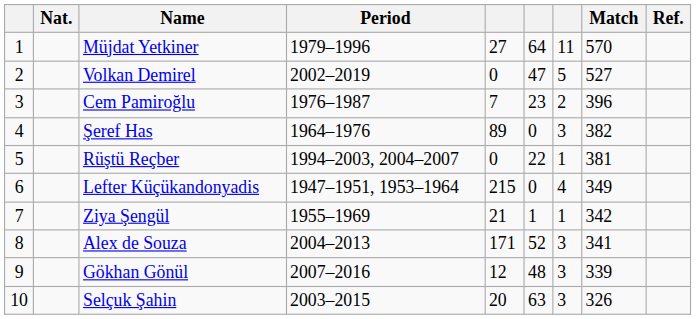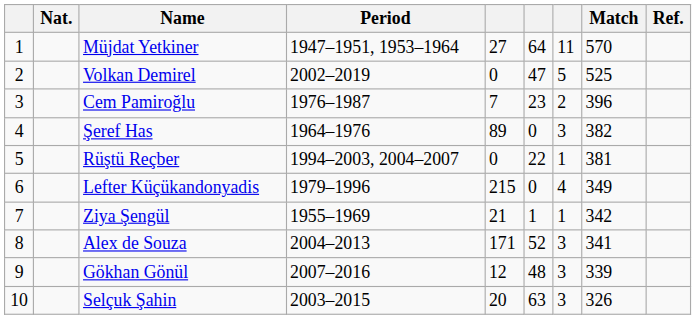 <table class="wikitable sortable" style="text-align:left; width:70%;">
 <tr>
 <th></th>
 <th>Nat.</th>
 <th>Name</th>
 <th>Period</th>
 <th></th>
 <th></th>
 <th></th>
 <th>Match</th>
 <th>Ref.</th>
 </tr>
 <tr bgcolor=>
 <td style="text-align:center">1</td>
 <td style="text-align:center"></td>
 <td><a href='#'>Müjdat Yetkiner</a></td>
-<td>1979–1996</td>
+<td>1947–1951, 1953–1964</td>
 <td>27</td>
 <td>64</td>
 <td>11</td>
 <td>570</td>
 <td></td>
 </tr>
 <tr bgcolor=>
 <td style="text-align:center">2</td>
 <td style="text-align:center"></td>
 <td><a href='#'>Volkan Demirel</a></td>
 <td>2002–2019</td>
 <td>0</td>
 <td>47</td>
 <td>5</td>
-<td>527</td>
+<td>525</td>
 <td></td>
 </tr>
 <tr bgcolor=>
 <td style="text-align:center">3</td>
 <td style="text-align:center"></td>
 <td><a href='#'>Cem Pamiroğlu</a></td>
 <td>1976–1987</td>
 <td>7</td>
 <td>23</td>
 <td>2</td>
 <td>396</td>
 <td></td>
 </tr>
 <tr bgcolor=>
 <td style="text-align:center">4</td>
 <td style="text-align:center"></td>
 <td><a href='#'>Şeref Has</a></td>
 <td>1964–1976</td>
 <td>89</td>
 <td>0</td>
 <td>3</td>
 <td>382</td>
 <td></td>
 </tr>
 <tr bgcolor=>
 <td style="text-align:center">5</td>
 <td style="text-align:center"></td>
 <td><a href='#'>Rüştü Reçber</a></td>
 <td>1994–2003, 2004–2007</td>
 <td>0</td>
 <td>22</td>
 <td>1</td>
 <td>381</td>
 <td></td>
 </tr>
 <tr bgcolor=>
 <td style="text-align:center">6</td>
 <td style="text-align:center"></td>
 <td><a href='#'>Lefter Küçükandonyadis</a></td>
-<td>1947–1951, 1953–1964</td>
+<td>1979–1996</td>
 <td>215</td>
 <td>0</td>
 <td>4</td>
 <td>349</td>
 <td></td>
 </tr>
 <tr bgcolor=>
 <td style="text-align:center">7</td>
 <td style="text-align:center"></td>
 <td><a href='#'>Ziya Şengül</a></td>
 <td>1955–1969</td>
 <td>21</td>
 <td>1</td>
 <td>1</td>
 <td>342</td>
 <td></td>
 </tr>
 <tr bgcolor=>
 <td style="text-align:center">8</td>
 <td style="text-align:center"></td>
 <td><a href='#'>Alex de Souza</a></td>
 <td>2004–2013</td>
 <td>171</td>
 <td>52</td>
 <td>3</td>
 <td>341</td>
 <td></td>
 </tr>
 <tr bgcolor=>
 <td style="text-align:center">9</td>
 <td style="text-align:center"></td>
 <td><a href='#'>Gökhan Gönül</a></td>
 <td>2007–2016</td>
 <td>12</td>
 <td>48</td>
 <td>3</td>
 <td>339</td>
 <td></td>
 </tr>
 <tr bgcolor=>
 <td style="text-align:center">10</td>
 <td style="text-align:center"></td>
 <td><a href='#'>Selçuk Şahin</a></td>
 <td>2003–2015</td>
 <td>20</td>
 <td>63</td>
 <td>3</td>
 <td>326</td>
 <td></td>
 </tr>
 </table>
